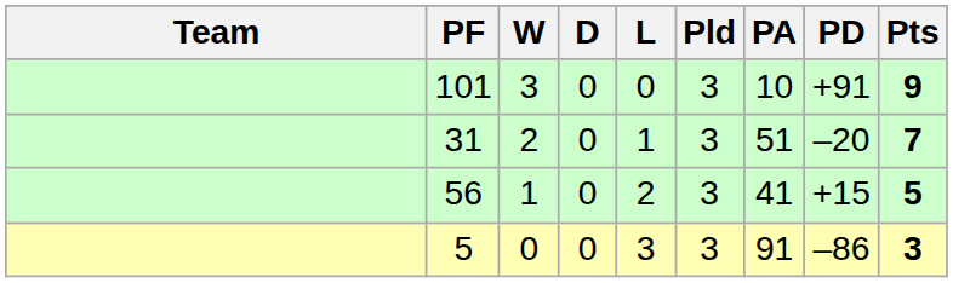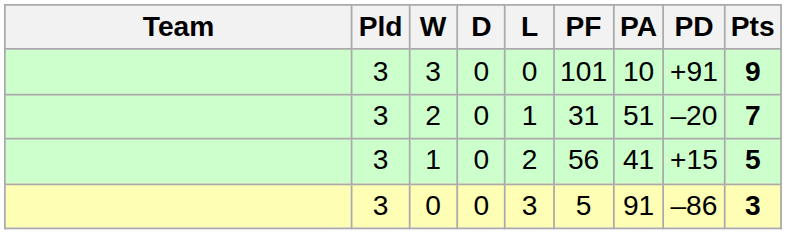 <table class="wikitable" style="text-align:center;">
 <tr>
 <th width=190>Team</th>
-<th width=20 abbr="Points for">PF</th>
+<th width=20 abbr="Played">Pld</th>
 <th width=20 abbr="Won">W</th>
 <th width=20 abbr="Drawn">D</th>
 <th width=20 abbr="Lost">L</th>
-<th width=20 abbr="Played">Pld</th>
+<th width=20 abbr="Points for">PF</th>
 <th width=20 abbr="Points against">PA</th>
 <th width=25 abbr="Points difference">PD</th>
 <th width=20 abbr="Points">Pts</th>
 </tr>
 <tr style="background:#ccffcc">
 <td align=left></td>
-<td>101</td>
+<td>3</td>
 <td>3</td>
 <td>0</td>
 <td>0</td>
-<td>3</td>
+<td>101</td>
 <td>10</td>
 <td>+91</td>
 <td><strong>9</strong></td>
 </tr>
 <tr style="background:#ccffcc">
 <td align=left></td>
-<td>31</td>
+<td>3</td>
 <td>2</td>
 <td>0</td>
 <td>1</td>
-<td>3</td>
+<td>31</td>
 <td>51</td>
 <td>–20</td>
 <td><strong>7</strong></td>
 </tr>
 <tr style="background:#ccffcc">
 <td align=left></td>
-<td>56</td>
+<td>3</td>
 <td>1</td>
 <td>0</td>
 <td>2</td>
-<td>3</td>
+<td>56</td>
 <td>41</td>
 <td>+15</td>
 <td><strong>5</strong></td>
 </tr>
 <tr style="background:#feffb4">
 <td align=left></td>
-<td>5</td>
+<td>3</td>
 <td>0</td>
 <td>0</td>
 <td>3</td>
-<td>3</td>
+<td>5</td>
 <td>91</td>
 <td>–86</td>
 <td><strong>3</strong></td>
 </tr>
 </table>
